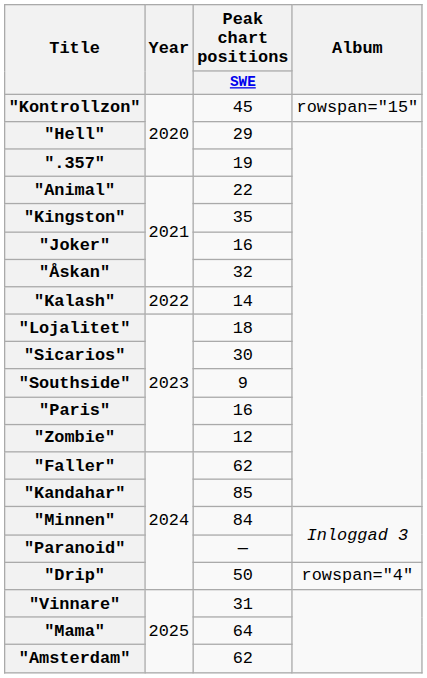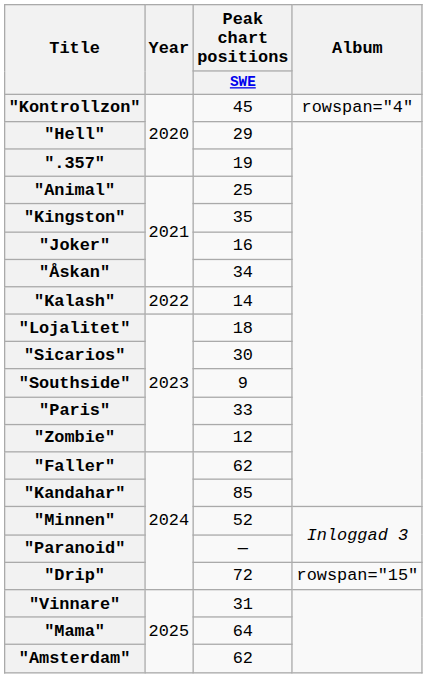 <table class="wikitable plainrowheaders" style="text-align:center;">
 <tr>
 <th scope="col" rowspan="2">Title</th>
 <th scope="col" rowspan="2">Year</th>
 <th scope="col" colspan="1">Peak chart positions</th>
 <th scope="col" rowspan="2">Album</th>
 </tr>
 <tr>
 <th scope="col" style="width:3em;font-size:85%;"><a href='#'>SWE</a><br></th>
 </tr>
 <tr>
 <th scope="row">"Kontrollzon"</th>
 <td rowspan=3>2020</td>
 <td>45</td>
-<td>rowspan="15" </td>
+<td>rowspan="4" </td>
 </tr>
 <tr>
 <th scope="row">"Hell"</th>
 <td>29</td>
 </tr>
 <tr>
 <th scope="row">".357"</th>
 <td>19</td>
 </tr>
 <tr>
 <th scope="row">"Animal"</th>
 <td rowspan=4>2021</td>
-<td>22</td>
+<td>25</td>
 </tr>
 <tr>
 <th scope="row">"Kingston"</th>
 <td>35</td>
 </tr>
 <tr>
 <th scope="row">"Joker"</th>
 <td>16</td>
 </tr>
 <tr>
 <th scope="row">"Åskan"</th>
-<td>32<br></td>
+<td>34<br></td>
 </tr>
 <tr>
 <th scope="row">"Kalash"</th>
 <td>2022</td>
 <td>14<br></td>
 </tr>
 <tr>
 <th scope="row">"Lojalitet"</th>
 <td rowspan="5">2023</td>
 <td>18<br></td>
 </tr>
 <tr>
 <th scope="row">"Sicarios"</th>
 <td>30<br></td>
 </tr>
 <tr>
 <th scope="row">"Southside"</th>
 <td>9<br></td>
 </tr>
 <tr>
 <th scope="row">"Paris"</th>
-<td>16<br></td>
+<td>33<br></td>
 </tr>
 <tr>
 <th scope="row">"Zombie"<br></th>
 <td>12<br></td>
 </tr>
 <tr>
 <th scope="row">"Faller"</th>
 <td rowspan="5">2024</td>
 <td>62<br></td>
 </tr>
 <tr>
 <th scope="row">"Kandahar"<br></th>
 <td>85<br></td>
 </tr>
 <tr>
 <th scope="row">"Minnen"</th>
-<td>84<br></td>
+<td>52<br></td>
 <td rowspan="2"><em>Inloggad 3</em></td>
 </tr>
 <tr>
 <th scope="row">"Paranoid"</th>
 <td>—</td>
 </tr>
 <tr>
 <th scope="row">"Drip"</th>
-<td>50<br></td>
-<td>rowspan="4" </td>
+<td>72<br></td>
+<td>rowspan="15" </td>
 </tr>
 <tr>
 <th scope="row">"Vinnare"</th>
 <td rowspan="3">2025</td>
 <td>31<br></td>
 </tr>
 <tr>
 <th scope="row">"Mama"</th>
 <td>64<br></td>
 </tr>
 <tr>
 <th scope="row">"Amsterdam"</th>
 <td>62<br></td>
 </tr>
 </table>
